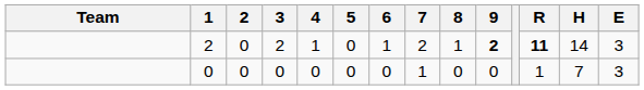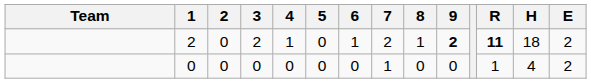 <table border=1 cellspacing=0 width=600 style="margin-left:3em;" class="wikitable">
 <tr style="text-align:center; background-color:#e6e6e6;">
 <th align=left width=28%>Team</th>
 <th width=5.4%>1</th>
 <th width=5.4%>2</th>
 <th width=5.4%>3</th>
 <th width=5.4%>4</th>
 <th width=5.4%>5</th>
 <th width=5.4%>6</th>
 <th width=5.4%>7</th>
 <th width=5.4%>8</th>
 <th width=5.4%>9</th>
 <th rowspan="3" width=0.5%></th>
 <th width=6%>R</th>
 <th width=6%>H</th>
 <th width=6%>E</th>
 </tr>
 <tr style="text-align:center;">
 <td align=left></td>
 <td>2</td>
 <td>0</td>
 <td>2</td>
 <td>1</td>
 <td>0</td>
 <td>1</td>
 <td>2</td>
 <td>1</td>
 <td><strong>2</strong></td>
 <td><strong>11</strong></td>
-<td>14</td>
-<td>3</td>
+<td>18</td>
+<td>2</td>
 </tr>
 <tr style="text-align:center;">
 <td align=left></td>
 <td>0</td>
 <td>0</td>
 <td>0</td>
 <td>0</td>
 <td>0</td>
 <td>0</td>
 <td>1</td>
 <td>0</td>
 <td>0</td>
 <td>1</td>
-<td>7</td>
-<td>3</td>
+<td>4</td>
+<td>2</td>
 </tr>
 </table>
